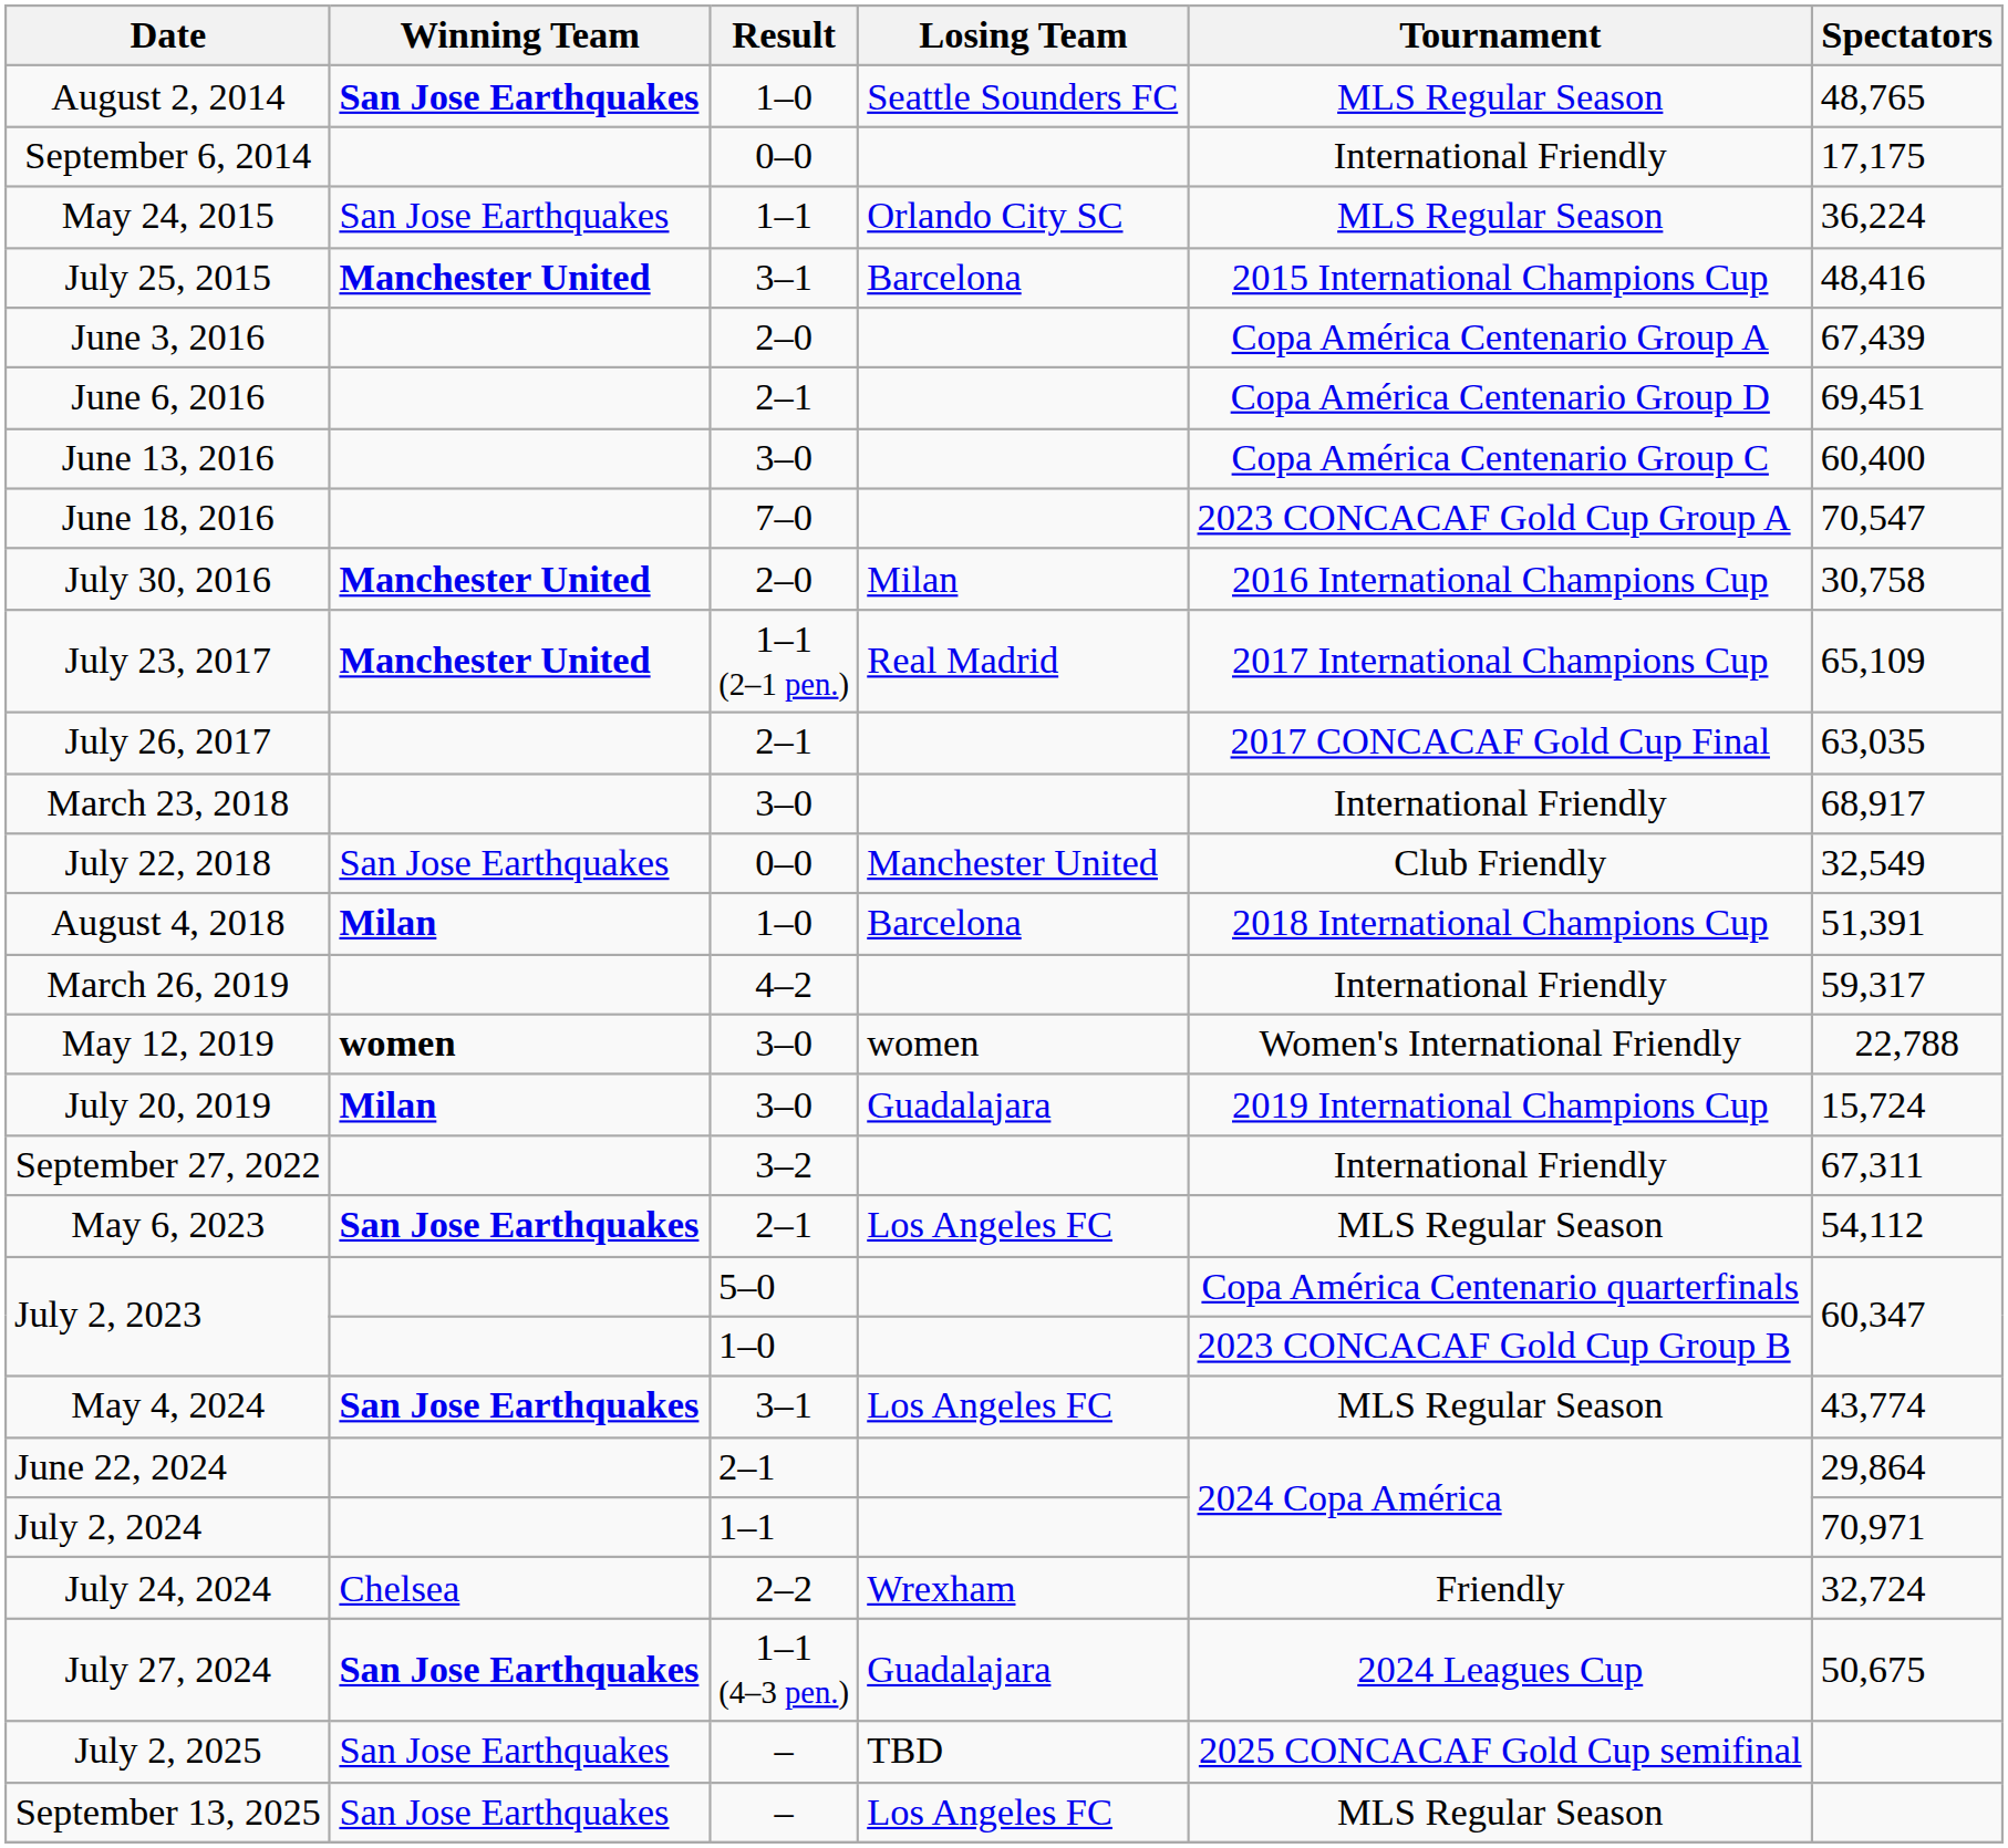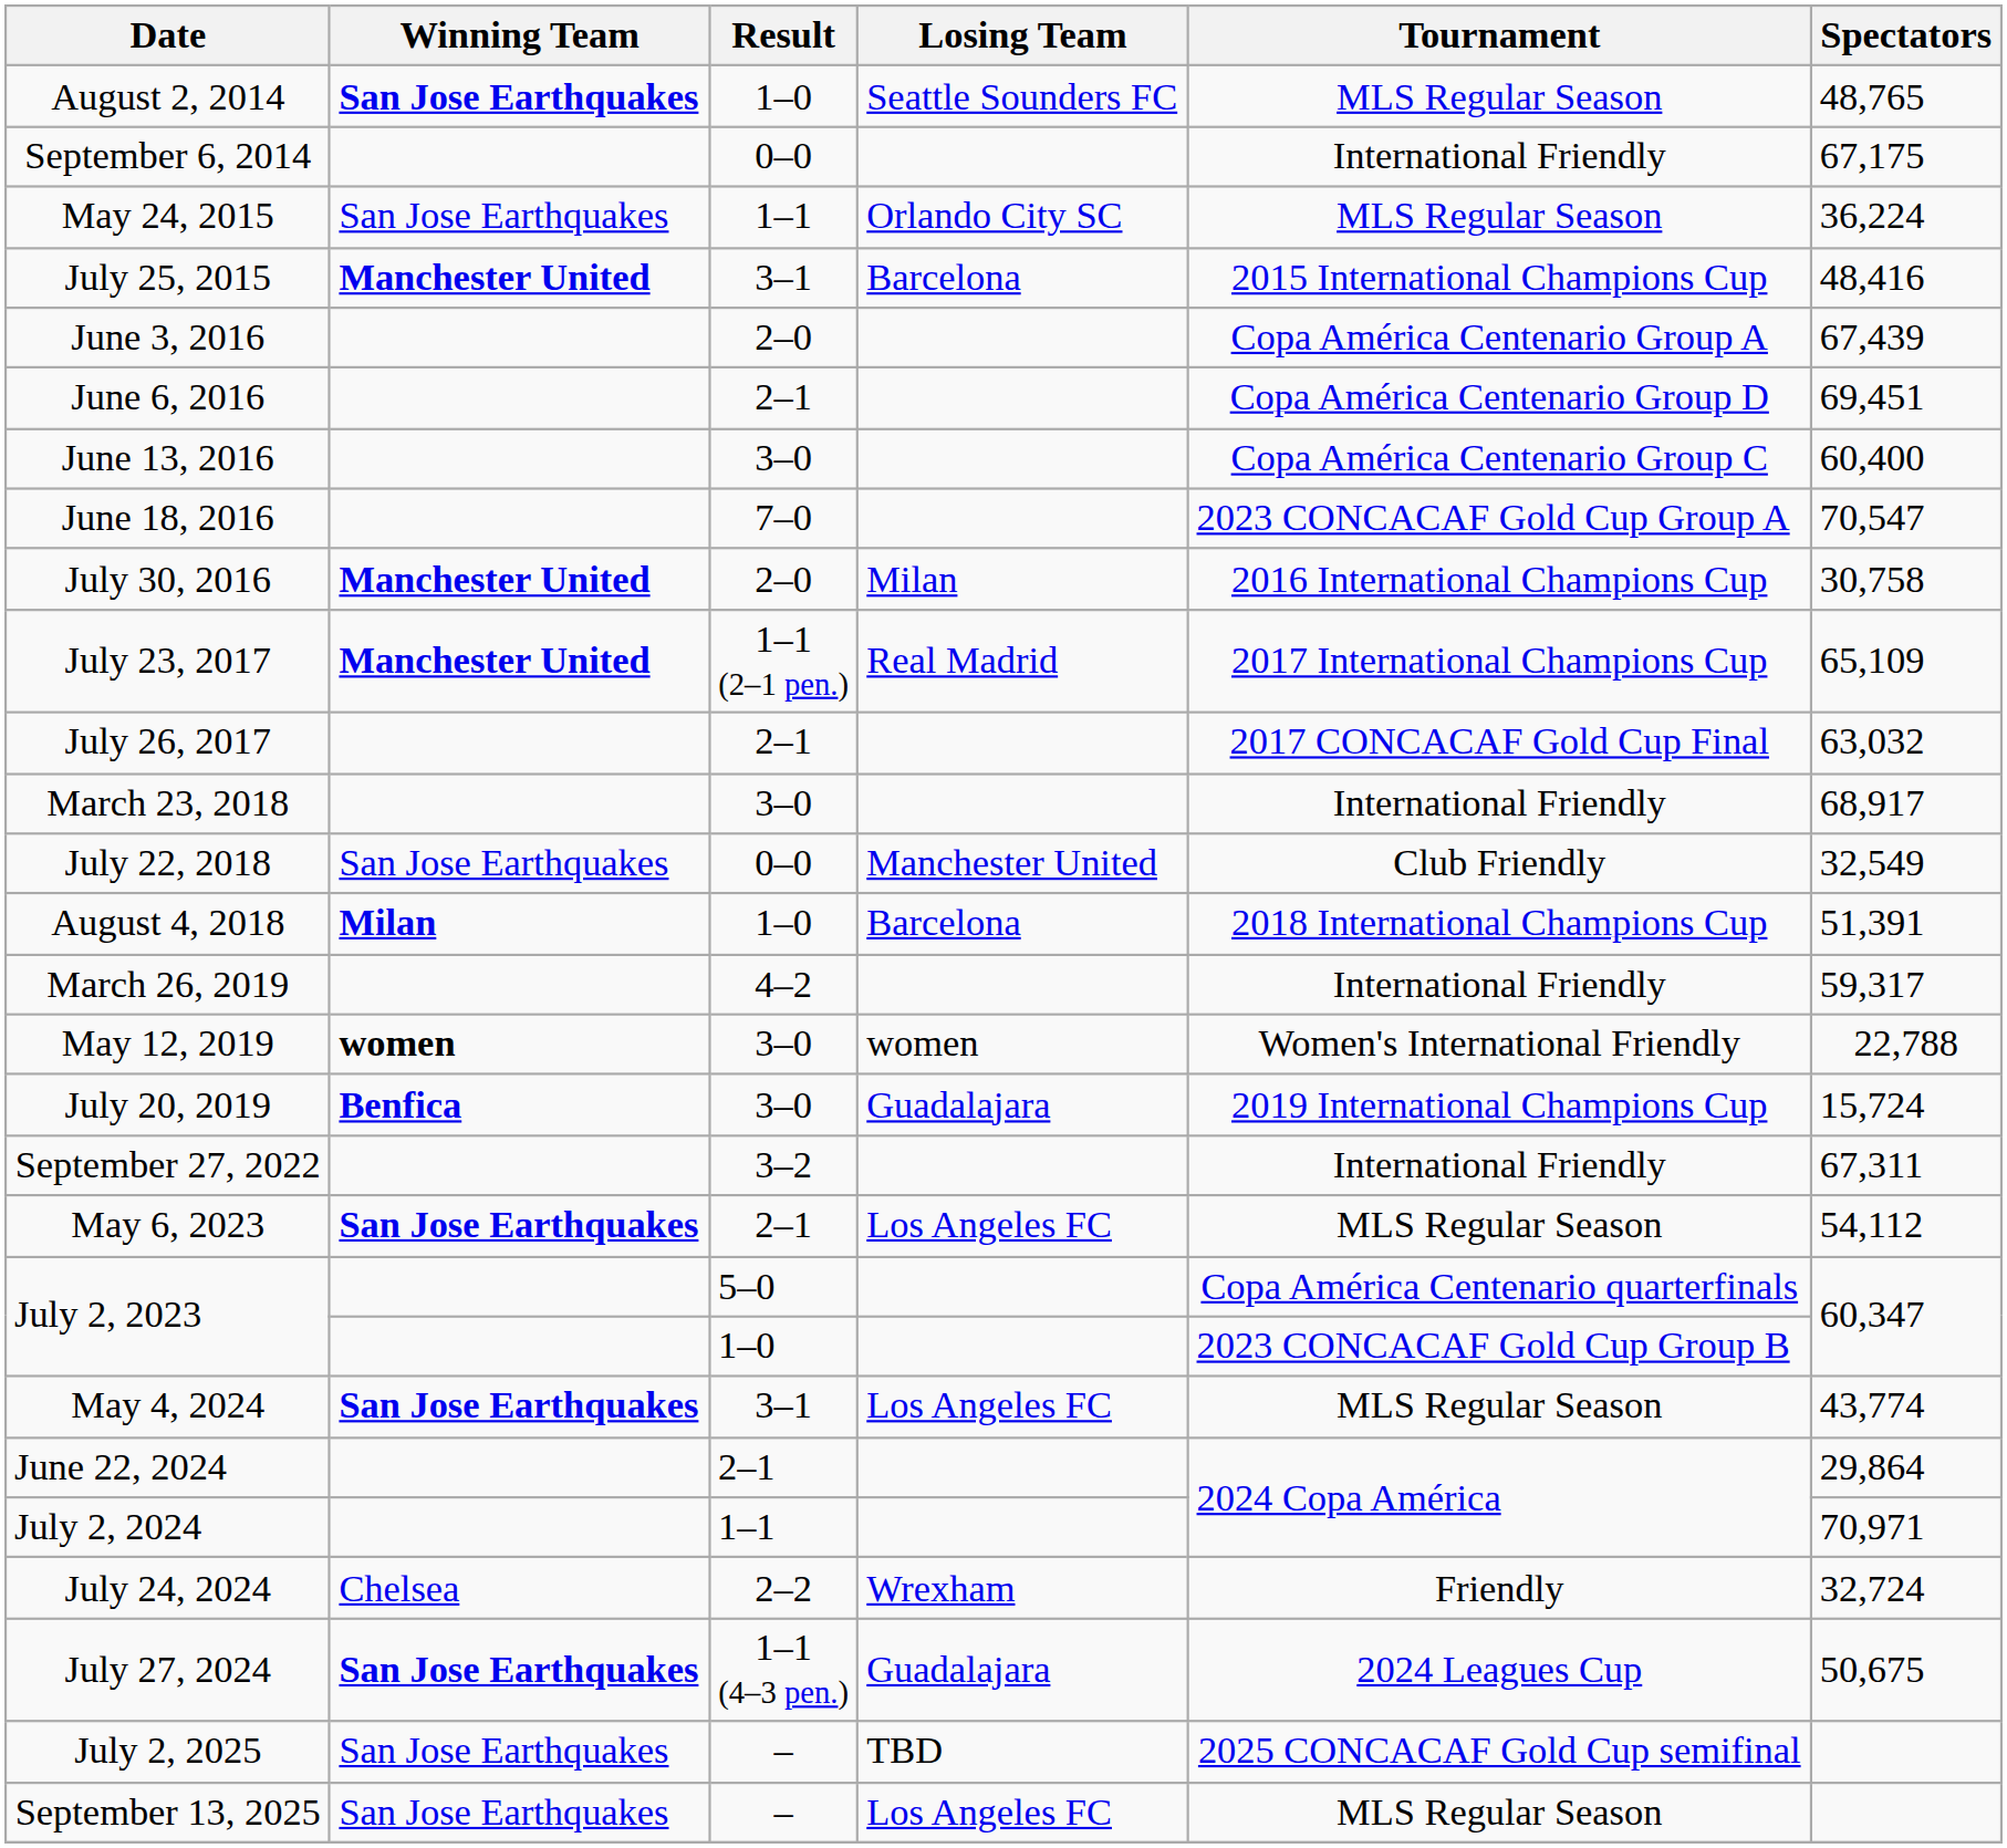 <table class="wikitable" style="text-align:left; width:95%;" style="text-align:center">
 <tr>
 <th style="text-align:center; ">Date</th>
 <th style="text-align:center; ">Winning Team</th>
 <th style="text-align:center; ">Result</th>
 <th style="text-align:center; ">Losing Team</th>
 <th style="text-align:center; ">Tournament</th>
 <th style="text-align:center; ">Spectators</th>
 </tr>
 <tr>
 <td style="text-align:center;">August 2, 2014</td>
 <td><strong> <a href='#'>San Jose Earthquakes</a></strong></td>
 <td style="text-align:center;">1–0</td>
 <td> <a href='#'>Seattle Sounders FC</a></td>
 <td style="text-align:center;"><a href='#'>MLS Regular Season</a></td>
 <td>48,765</td>
 </tr>
 <tr>
 <td style="text-align:center;">September 6, 2014</td>
 <td></td>
 <td style="text-align:center;">0–0</td>
 <td></td>
 <td style="text-align:center;">International Friendly</td>
-<td>17,175</td>
+<td>67,175</td>
 </tr>
 <tr>
 <td style="text-align:center;">May 24, 2015</td>
 <td> <a href='#'>San Jose Earthquakes</a></td>
 <td style="text-align:center;">1–1</td>
 <td> <a href='#'>Orlando City SC</a></td>
 <td style="text-align:center;"><a href='#'>MLS Regular Season</a></td>
 <td>36,224</td>
 </tr>
 <tr>
 <td style="text-align:center;">July 25, 2015</td>
 <td><strong> <a href='#'>Manchester United</a></strong></td>
 <td style="text-align:center;">3–1</td>
 <td> <a href='#'>Barcelona</a></td>
 <td style="text-align:center;"><a href='#'>2015 International Champions Cup</a></td>
 <td>48,416</td>
 </tr>
 <tr>
 <td style="text-align:center;">June 3, 2016</td>
 <td><strong></strong></td>
 <td style="text-align:center;">2–0</td>
 <td></td>
 <td style="text-align:center;"><a href='#'>Copa América Centenario Group A</a></td>
 <td>67,439</td>
 </tr>
 <tr>
 <td style="text-align:center;">June 6, 2016</td>
 <td><strong></strong></td>
 <td style="text-align:center;">2–1</td>
 <td></td>
 <td style="text-align:center;"><a href='#'>Copa América Centenario Group D</a></td>
 <td>69,451</td>
 </tr>
 <tr>
 <td style="text-align:center;">June 13, 2016</td>
 <td><strong></strong></td>
 <td style="text-align:center;">3–0</td>
 <td></td>
 <td style="text-align:center;"><a href='#'>Copa América Centenario Group C</a></td>
 <td>60,400</td>
 </tr>
 <tr>
 <td style="text-align:center;">June 18, 2016</td>
 <td><strong></strong></td>
 <td style="text-align:center;">7–0</td>
 <td></td>
 <td><a href='#'>2023 CONCACAF Gold Cup Group A</a></td>
 <td>70,547</td>
 </tr>
 <tr>
 <td style="text-align:center;">July 30, 2016</td>
 <td><strong> <a href='#'>Manchester United</a></strong></td>
 <td style="text-align:center;">2–0</td>
 <td> <a href='#'>Milan</a></td>
 <td style="text-align:center;"><a href='#'>2016 International Champions Cup</a></td>
 <td>30,758</td>
 </tr>
 <tr>
 <td style="text-align:center;">July 23, 2017</td>
 <td><strong> <a href='#'>Manchester United</a></strong></td>
 <td style="text-align:center;">1–1<br> <small>(2–1 <a href='#'>pen.</a>)</small></td>
 <td> <a href='#'>Real Madrid</a></td>
 <td style="text-align:center;"><a href='#'>2017 International Champions Cup</a></td>
 <td>65,109</td>
 </tr>
 <tr>
 <td style="text-align:center;">July 26, 2017</td>
 <td><strong></strong></td>
 <td style="text-align:center;">2–1</td>
 <td></td>
 <td style="text-align:center;"><a href='#'>2017 CONCACAF Gold Cup Final</a></td>
-<td>63,035</td>
+<td>63,032</td>
 </tr>
 <tr>
 <td style="text-align:center;">March 23, 2018</td>
 <td><strong></strong></td>
 <td style="text-align:center;">3–0</td>
 <td></td>
 <td style="text-align:center;">International Friendly</td>
 <td>68,917</td>
 </tr>
 <tr>
 <td style="text-align:center;">July 22, 2018</td>
 <td> <a href='#'>San Jose Earthquakes</a></td>
 <td style="text-align:center;">0–0</td>
 <td> <a href='#'>Manchester United</a></td>
 <td style="text-align:center;">Club Friendly</td>
 <td>32,549</td>
 </tr>
 <tr>
 <td style="text-align:center;">August 4, 2018</td>
 <td><strong> <a href='#'>Milan</a></strong></td>
 <td style="text-align:center;">1–0</td>
 <td> <a href='#'>Barcelona</a></td>
 <td style="text-align:center;"><a href='#'>2018 International Champions Cup</a></td>
 <td>51,391</td>
 </tr>
 <tr>
 <td style="text-align:center;">March 26, 2019</td>
 <td><strong></strong></td>
 <td style="text-align:center;">4–2</td>
 <td></td>
 <td style="text-align:center;">International Friendly</td>
 <td>59,317</td>
 </tr>
 <tr>
 <td style="text-align:center;">May 12, 2019</td>
 <td><strong> women</strong></td>
 <td style="text-align:center;">3–0</td>
 <td> women</td>
 <td style="text-align:center;">Women's International Friendly</td>
 <td style="text-align:center;">22,788</td>
 </tr>
 <tr>
 <td style="text-align:center;">July 20, 2019</td>
-<td><strong> <a href='#'>Milan</a></strong></td>
+<td><strong> <a href='#'>Benfica</a></strong></td>
 <td style="text-align:center;">3–0</td>
 <td> <a href='#'>Guadalajara</a></td>
 <td style="text-align:center;"><a href='#'>2019 International Champions Cup</a></td>
 <td>15,724</td>
 </tr>
 <tr>
 <td style="text-align:center;">September 27, 2022</td>
 <td><strong></strong></td>
 <td style="text-align:center;">3–2</td>
 <td></td>
 <td style="text-align:center;">International Friendly</td>
 <td>67,311</td>
 </tr>
 <tr>
 <td style="text-align:center;">May 6, 2023</td>
 <td><strong> <a href='#'>San Jose Earthquakes</a></strong></td>
 <td style="text-align:center;">2–1</td>
 <td> <a href='#'>Los Angeles FC</a></td>
 <td style="text-align:center;">MLS Regular Season</td>
 <td>54,112</td>
 </tr>
 <tr>
 <td rowspan=2>July 2, 2023</td>
 <td><strong></strong></td>
 <td>5–0</td>
 <td></td>
 <td style="text-align:center;"><a href='#'>Copa América Centenario quarterfinals</a></td>
 <td rowspan=2>60,347</td>
 </tr>
 <tr>
 <td><strong></strong></td>
 <td>1–0</td>
 <td></td>
 <td><a href='#'>2023 CONCACAF Gold Cup Group B</a></td>
 </tr>
 <tr>
 <td style="text-align:center;">May 4, 2024</td>
 <td><strong> <a href='#'>San Jose Earthquakes</a></strong></td>
 <td style="text-align:center;">3–1</td>
 <td> <a href='#'>Los Angeles FC</a></td>
 <td style="text-align:center;">MLS Regular Season</td>
 <td>43,774</td>
 </tr>
 <tr>
 <td>June 22, 2024</td>
 <td><strong></strong></td>
 <td>2–1</td>
 <td></td>
 <td rowspan=2><a href='#'>2024 Copa América</a></td>
 <td>29,864</td>
 </tr>
 <tr>
 <td>July 2, 2024</td>
 <td></td>
 <td>1–1</td>
 <td></td>
 <td>70,971</td>
 </tr>
 <tr>
 <td style="text-align:center;">July 24, 2024</td>
 <td> <a href='#'>Chelsea</a></td>
 <td style="text-align:center;">2–2</td>
 <td> <a href='#'>Wrexham</a></td>
 <td style="text-align:center;">Friendly</td>
 <td>32,724</td>
 </tr>
 <tr>
 <td style="text-align:center;">July 27, 2024</td>
 <td><strong> <a href='#'>San Jose Earthquakes</a></strong></td>
 <td style="text-align:center;">1–1<br> <small>(4–3 <a href='#'>pen.</a>)</small></td>
 <td> <a href='#'>Guadalajara</a></td>
 <td style="text-align:center;"><a href='#'>2024 Leagues Cup</a></td>
 <td>50,675</td>
 </tr>
 <tr>
 <td style="text-align:center;">July 2, 2025</td>
 <td> <a href='#'>San Jose Earthquakes</a></td>
 <td style="text-align:center;">–</td>
 <td>TBD</td>
 <td style="text-align:center;"><a href='#'>2025 CONCACAF Gold Cup semifinal</a></td>
 <td></td>
 </tr>
 <tr>
 <td style="text-align:center;">September 13, 2025</td>
 <td> <a href='#'>San Jose Earthquakes</a></td>
 <td style="text-align:center;">–</td>
 <td> <a href='#'>Los Angeles FC</a></td>
 <td style="text-align:center;">MLS Regular Season</td>
 <td></td>
 </tr>
 <tr>
 </tr>
 </table>
